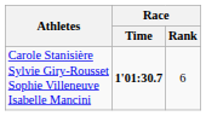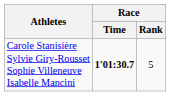 <table class="wikitable" border="1" style="font-size:90%">
 <tr>
 <th rowspan=2>Athletes</th>
 <th colspan=2>Race</th>
 </tr>
 <tr>
 <th>Time</th>
 <th>Rank</th>
 </tr>
 <tr>
 <td><a href='#'>Carole Stanisière</a><br><a href='#'>Sylvie Giry-Rousset</a><br><a href='#'>Sophie Villeneuve</a><br><a href='#'>Isabelle Mancini</a></td>
 <td align=center><strong>1'01:30.7</strong></td>
-<td align=center>6</td>
+<td align=center>5</td>
 </tr>
 </table>
